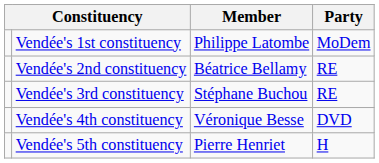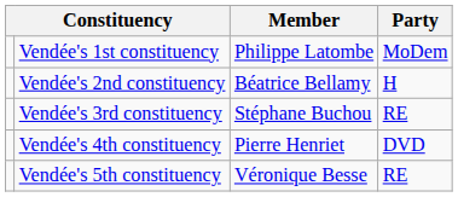 <table class="wikitable">
 <tr>
 <th colspan="2">Constituency</th>
 <th>Member</th>
 <th>Party</th>
 </tr>
 <tr>
 <td style="background-color: "></td>
 <td><a href='#'>Vendée's 1st constituency</a></td>
 <td><a href='#'>Philippe Latombe</a></td>
 <td><a href='#'>MoDem</a></td>
 </tr>
 <tr>
 <td style="background-color: "></td>
 <td><a href='#'>Vendée's 2nd constituency</a></td>
 <td><a href='#'>Béatrice Bellamy</a></td>
-<td><a href='#'>RE</a></td>
+<td><a href='#'>H</a></td>
 </tr>
 <tr>
 <td style="background-color: "></td>
 <td><a href='#'>Vendée's 3rd constituency</a></td>
 <td><a href='#'>Stéphane Buchou</a></td>
 <td><a href='#'>RE</a></td>
 </tr>
 <tr>
 <td style="background:"></td>
 <td><a href='#'>Vendée's 4th constituency</a></td>
-<td><a href='#'>Véronique Besse</a></td>
+<td><a href='#'>Pierre Henriet</a></td>
 <td><a href='#'>DVD</a></td>
 </tr>
 <tr>
 <td style="background-color: "></td>
 <td><a href='#'>Vendée's 5th constituency</a></td>
-<td><a href='#'>Pierre Henriet</a></td>
-<td><a href='#'>H</a></td>
+<td><a href='#'>Véronique Besse</a></td>
+<td><a href='#'>RE</a></td>
 </tr>
 </table>
